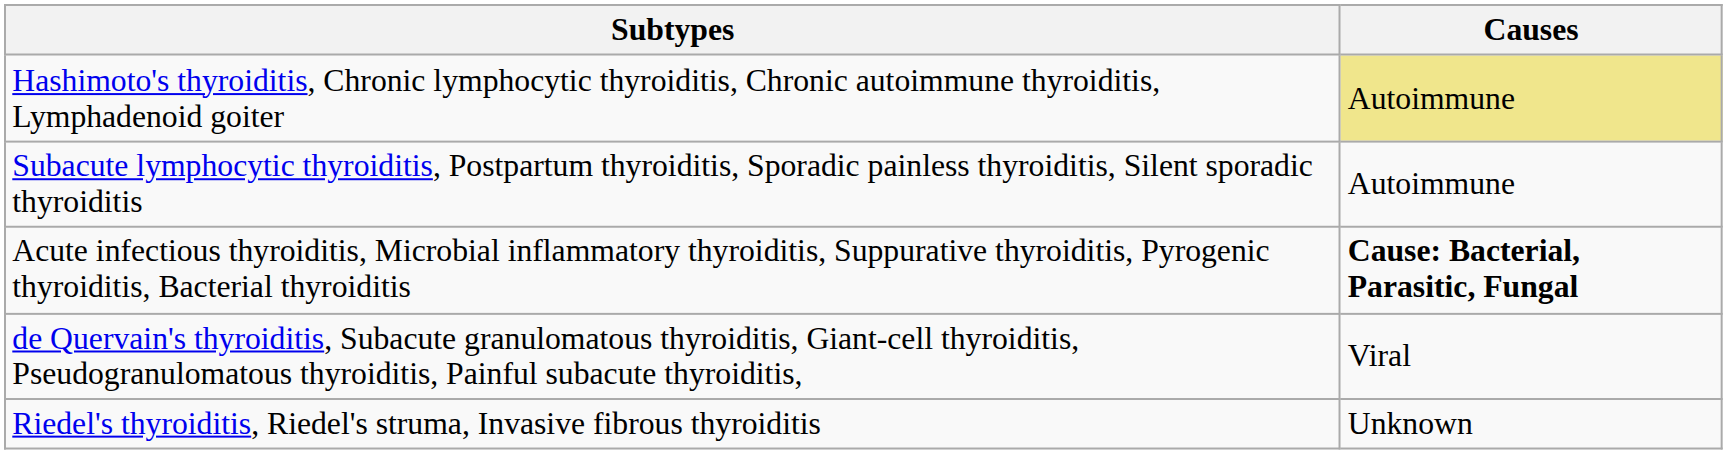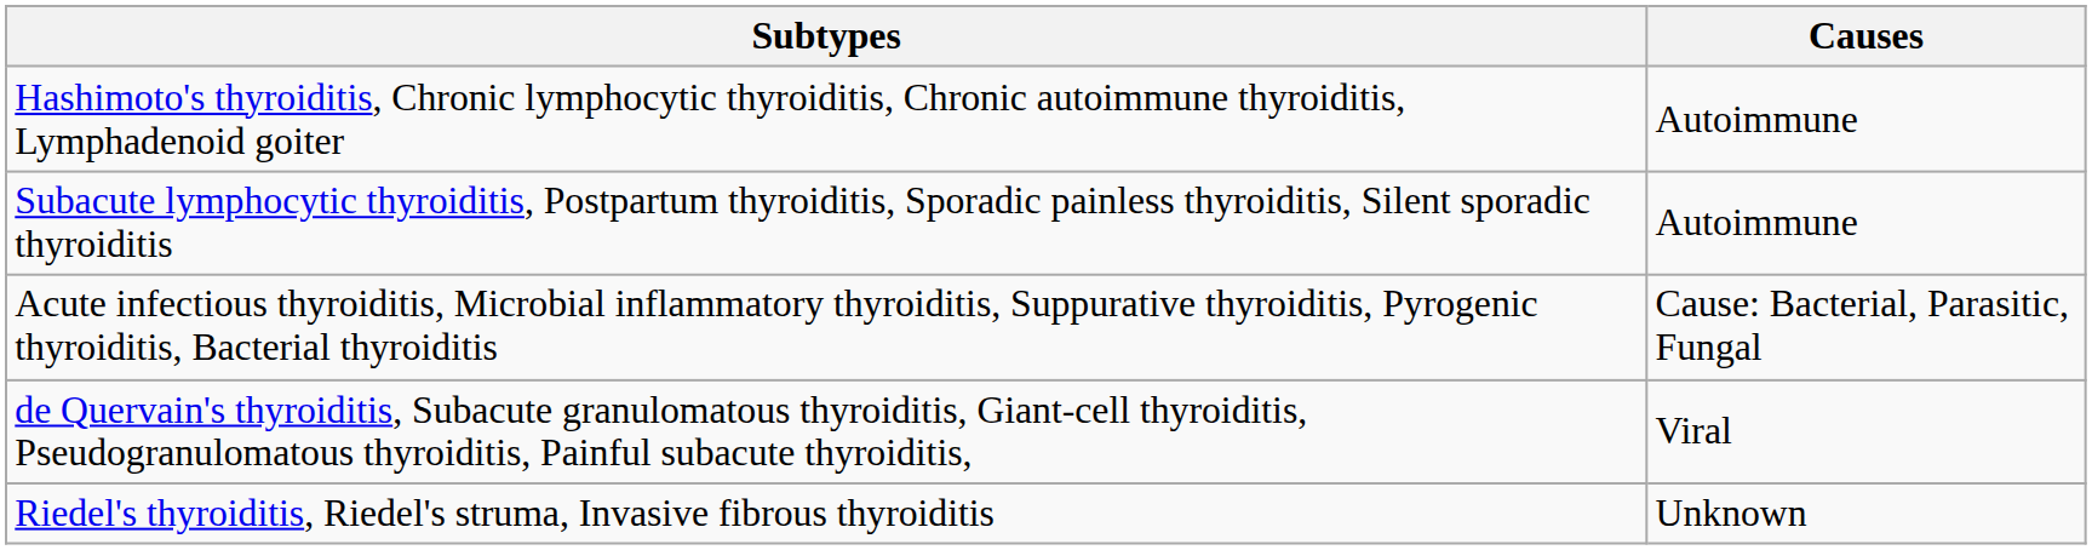 <table class="wikitable">
 <tr>
 <th>Subtypes</th>
 <th>Causes</th>
 </tr>
 <tr>
 <td><a href='#'>Hashimoto's thyroiditis</a>, Chronic lymphocytic thyroiditis, Chronic autoimmune thyroiditis, Lymphadenoid goiter</td>
-<td style="background: khaki;">Autoimmune</td>
+<td>Autoimmune</td>
 </tr>
 <tr>
 <td><a href='#'>Subacute lymphocytic thyroiditis</a>, Postpartum thyroiditis, Sporadic painless thyroiditis, Silent sporadic thyroiditis</td>
 <td>Autoimmune</td>
 </tr>
 <tr>
 <td>Acute infectious thyroiditis, Microbial inflammatory thyroiditis, Suppurative thyroiditis, Pyrogenic thyroiditis, Bacterial thyroiditis</td>
-<td><strong>Cause: Bacterial, Parasitic, Fungal</strong></td>
+<td>Cause: Bacterial, Parasitic, Fungal</td>
 </tr>
 <tr>
 <td><a href='#'>de Quervain's thyroiditis</a>, Subacute granulomatous thyroiditis, Giant-cell thyroiditis, Pseudogranulomatous thyroiditis, Painful subacute thyroiditis,</td>
 <td>Viral</td>
 </tr>
 <tr>
 <td><a href='#'>Riedel's thyroiditis</a>, Riedel's struma, Invasive fibrous thyroiditis</td>
 <td>Unknown</td>
 </tr>
 </table>
